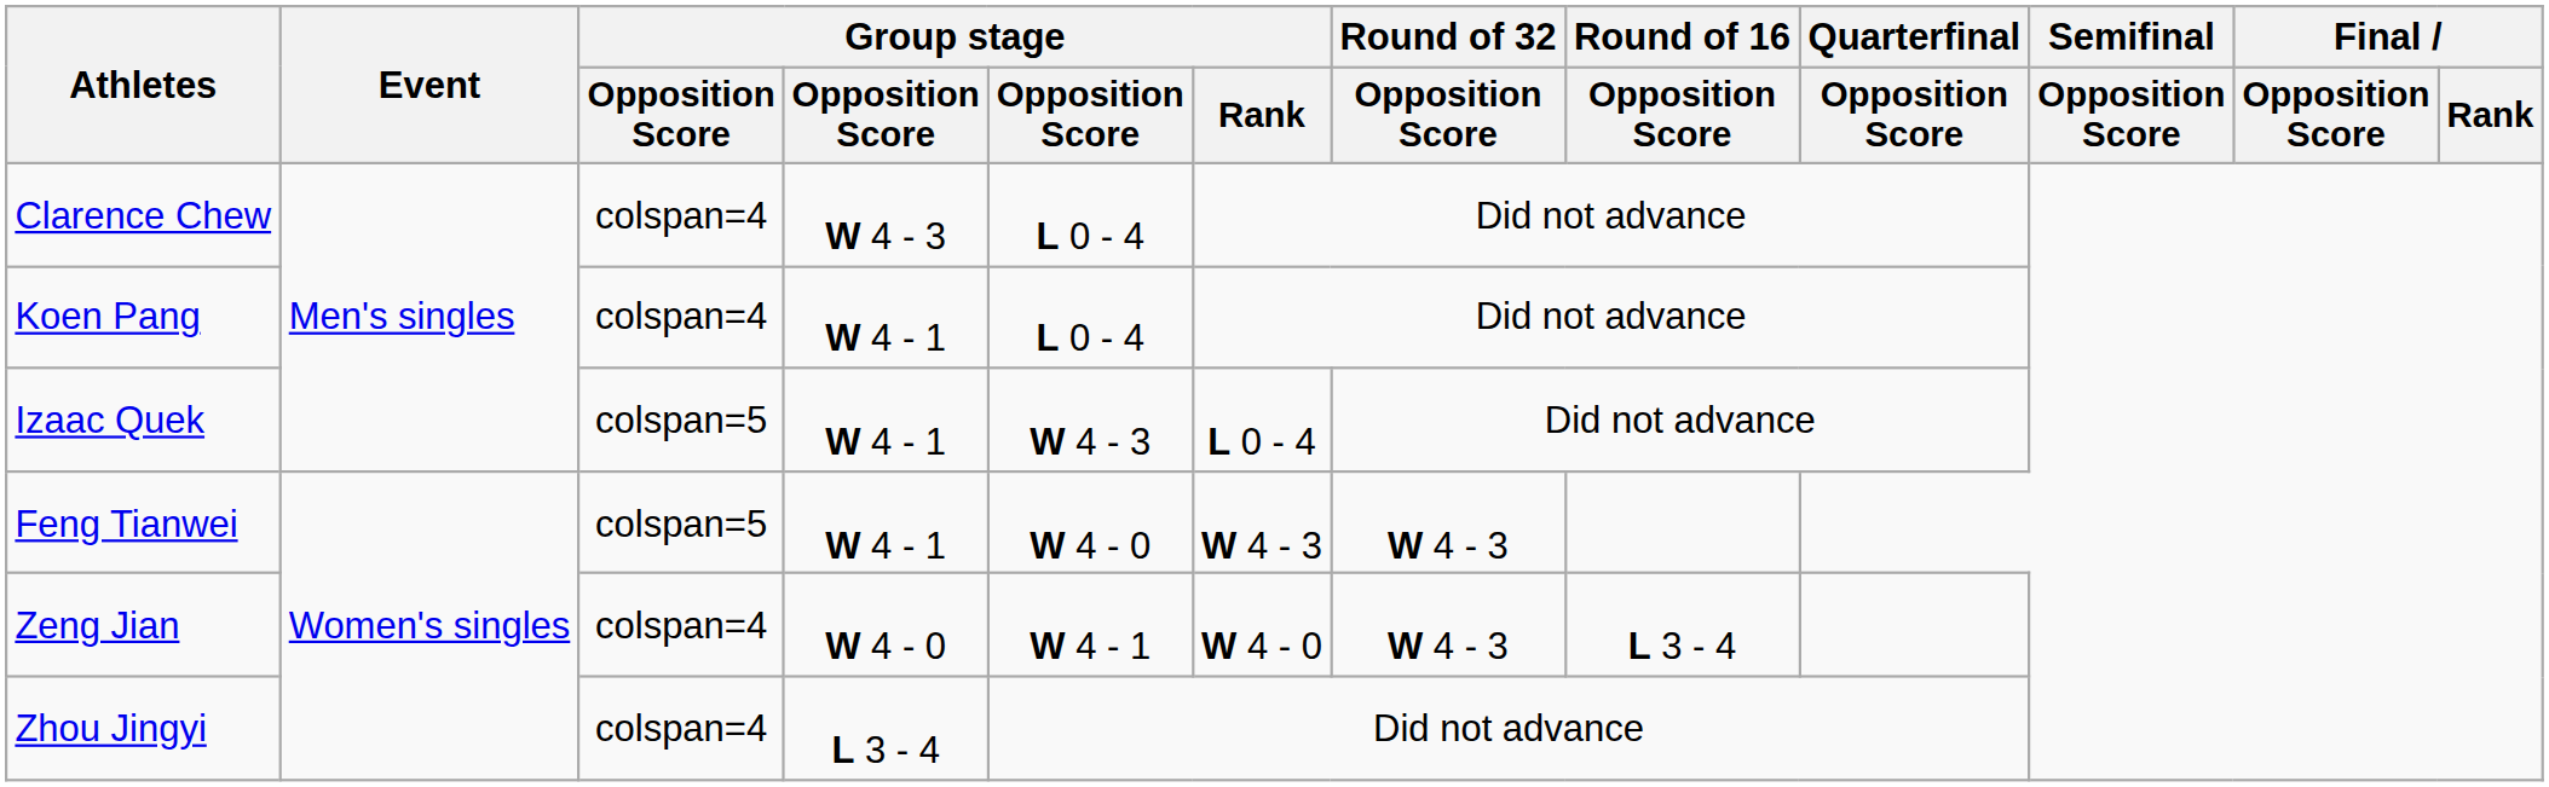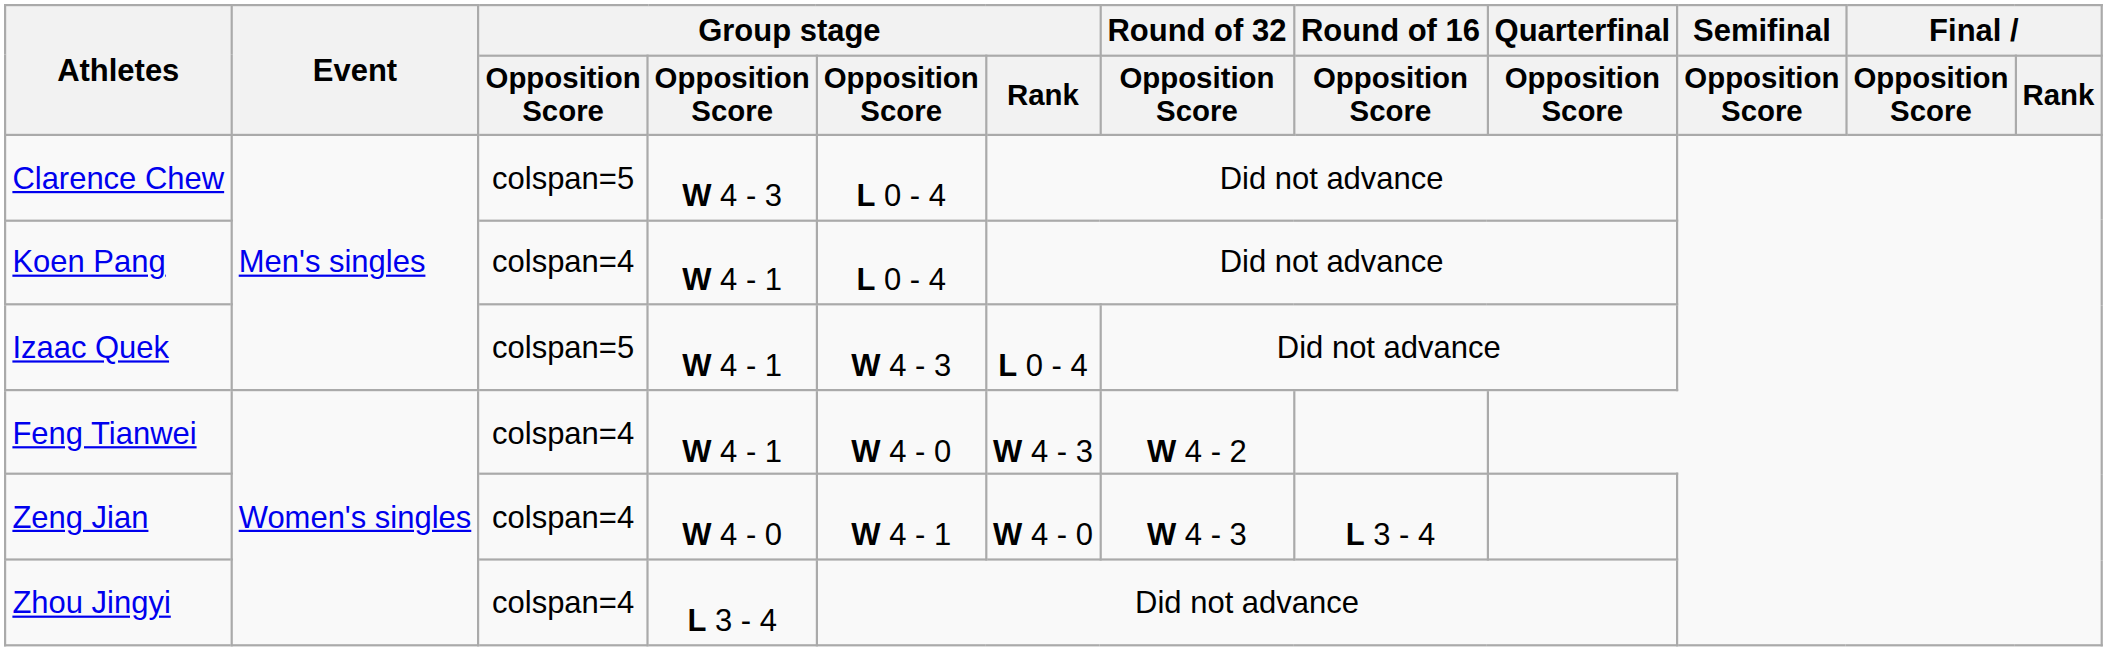 <table class=wikitable style=font-size:88%;text-align:center>
 <tr>
 <th rowspan=2>Athletes</th>
 <th rowspan=2>Event</th>
 <th colspan=4>Group stage</th>
 <th>Round of 32</th>
 <th>Round of 16</th>
 <th>Quarterfinal</th>
 <th>Semifinal</th>
 <th colspan=2>Final / </th>
 </tr>
 <tr style=font-size:95%>
 <th>Opposition<br>Score</th>
 <th>Opposition<br>Score</th>
 <th>Opposition<br>Score</th>
 <th>Rank</th>
 <th>Opposition<br>Score</th>
 <th>Opposition<br>Score</th>
 <th>Opposition<br>Score</th>
 <th>Opposition<br>Score</th>
 <th>Opposition<br>Score</th>
 <th>Rank</th>
 </tr>
 <tr>
 <td align=left><a href='#'>Clarence Chew</a></td>
 <td align=left rowspan=3><a href='#'>Men's singles</a></td>
-<td>colspan=4 </td>
+<td>colspan=5 </td>
 <td><br> <strong>W</strong> 4 - 3</td>
 <td><br> <strong>L</strong> 0 - 4</td>
 <td colspan=4>Did not advance</td>
 </tr>
 <tr align=center>
 <td align=left><a href='#'>Koen Pang</a></td>
 <td>colspan=4 </td>
 <td><br> <strong>W</strong> 4 - 1</td>
 <td><br> <strong>L</strong> 0 - 4</td>
 <td colspan=4>Did not advance</td>
 </tr>
 <tr align=center>
 <td align=left><a href='#'>Izaac Quek</a></td>
 <td>colspan=5 </td>
 <td><br> <strong>W</strong> 4 - 1</td>
 <td><br> <strong>W</strong> 4 - 3</td>
 <td><br> <strong>L</strong> 0 - 4</td>
 <td colspan=3>Did not advance</td>
 </tr>
 <tr align=center>
 <td align=left><a href='#'>Feng Tianwei</a></td>
 <td align=left rowspan=3><a href='#'>Women's singles</a></td>
-<td>colspan=5 </td>
+<td>colspan=4 </td>
 <td><br> <strong>W</strong> 4 - 1</td>
 <td><br> <strong>W</strong> 4 - 0</td>
 <td><br> <strong>W</strong> 4 - 3</td>
-<td><br> <strong>W</strong>  4 - 3</td>
+<td><br> <strong>W</strong> 4 - 2</td>
 <td></td>
 </tr>
 <tr align=center>
 <td align=left><a href='#'>Zeng Jian</a></td>
 <td>colspan=4 </td>
 <td><br><strong>W</strong> 4 - 0</td>
 <td><br> <strong>W</strong> 4 - 1</td>
 <td><br> <strong>W</strong> 4 - 0</td>
 <td><br> <strong>W</strong>  4 - 3</td>
 <td><br> <strong>L</strong> 3 - 4</td>
 <td></td>
 </tr>
 <tr align=center>
 <td align=left><a href='#'>Zhou Jingyi</a></td>
 <td>colspan=4 </td>
 <td><br><strong>L</strong> 3 - 4</td>
 <td colspan=5>Did not advance</td>
 </tr>
 </table>
